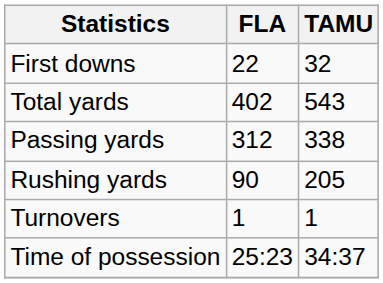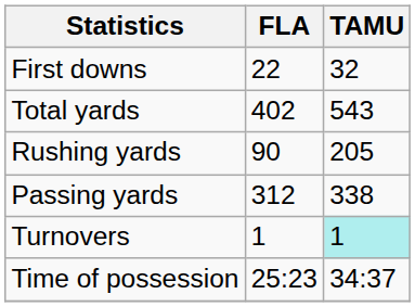 <table class="wikitable" style="float: left;">
 <tr>
 <th>Statistics</th>
 <th>FLA</th>
 <th>TAMU</th>
 </tr>
 <tr>
 <td>First downs</td>
 <td>22</td>
 <td>32</td>
 </tr>
 <tr>
 <td>Total yards</td>
 <td>402</td>
 <td>543</td>
 </tr>
 <tr>
+<td>Rushing yards</td>
+<td>90</td>
+<td>205</td>
+</tr>
+<tr>
 <td>Passing yards</td>
 <td>312</td>
 <td>338</td>
 </tr>
 <tr>
-<td>Rushing yards</td>
-<td>90</td>
-<td>205</td>
-</tr>
-<tr>
 <td>Turnovers</td>
 <td>1</td>
-<td>1</td>
+<td style="background: paleturquoise;">1</td>
 </tr>
 <tr>
 <td>Time of possession</td>
 <td>25:23</td>
 <td>34:37</td>
 </tr>
 <tr>
 </tr>
 </table>
